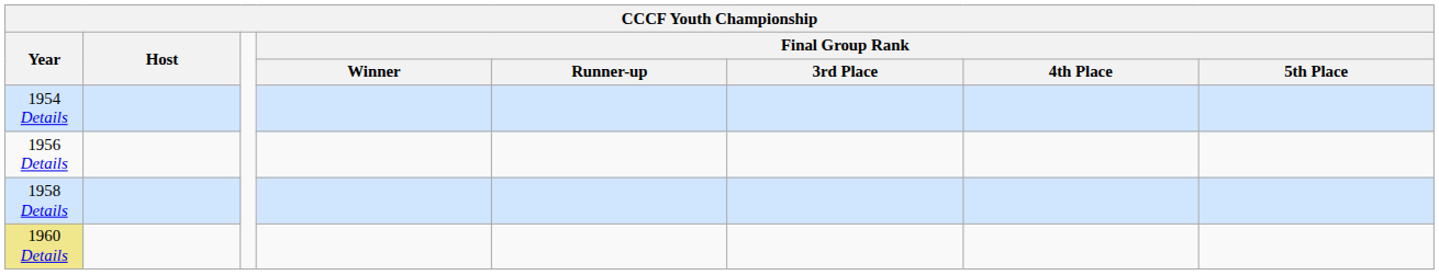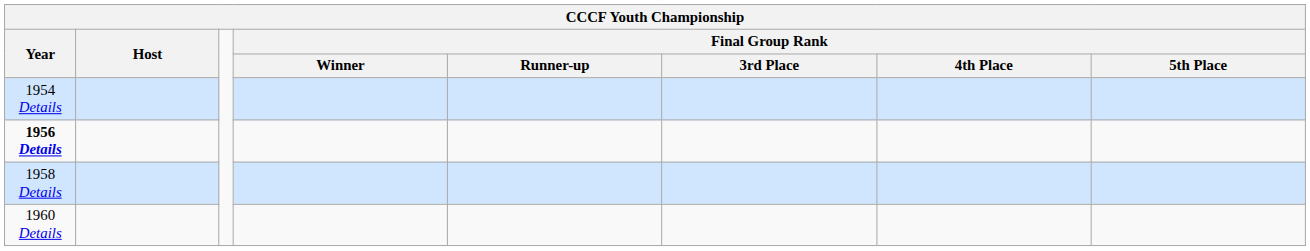 <table class="wikitable" style="font-size:90%; width: 100%; text-align: center;">
 <tr>
 <th colspan=8>CCCF Youth Championship</th>
 </tr>
 <tr>
 <th rowspan=2 width=5%>Year</th>
 <th rowspan=2 width=10%>Host</th>
 <td width=1% rowspan=23></td>
 <th colspan=5>Final Group Rank</th>
 </tr>
 <tr>
 <th width=15%>Winner</th>
 <th width=15%>Runner-up</th>
 <th width=15%>3rd Place</th>
 <th width=15%>4th Place</th>
 <th width=15%>5th Place</th>
 </tr>
 <tr style="background: #D0E6FF;">
 <td>1954 <br> <em><a href='#'>Details</a></em></td>
 <td></td>
 <td><strong></strong></td>
 <td></td>
 <td></td>
 <td></td>
 <td></td>
 </tr>
 <tr>
-<td>1956 <br> <em><a href='#'>Details</a></em></td>
+<td><strong>1956 <br> <em><a href='#'>Details</a></em></strong></td>
 <td></td>
 <td><strong></strong></td>
 <td></td>
 <td></td>
 <td></td>
 <td></td>
 </tr>
 <tr style="background: #D0E6FF;">
 <td>1958 <br> <em><a href='#'>Details</a></em></td>
 <td></td>
 <td><strong></strong></td>
 <td></td>
 <td></td>
 <td></td>
 <td></td>
 </tr>
 <tr>
-<td style="background: khaki;">1960 <br> <em><a href='#'>Details</a></em></td>
+<td>1960 <br> <em><a href='#'>Details</a></em></td>
 <td></td>
 <td><strong></strong></td>
 <td></td>
 <td></td>
 <td></td>
 <td></td>
 </tr>
 </table>
